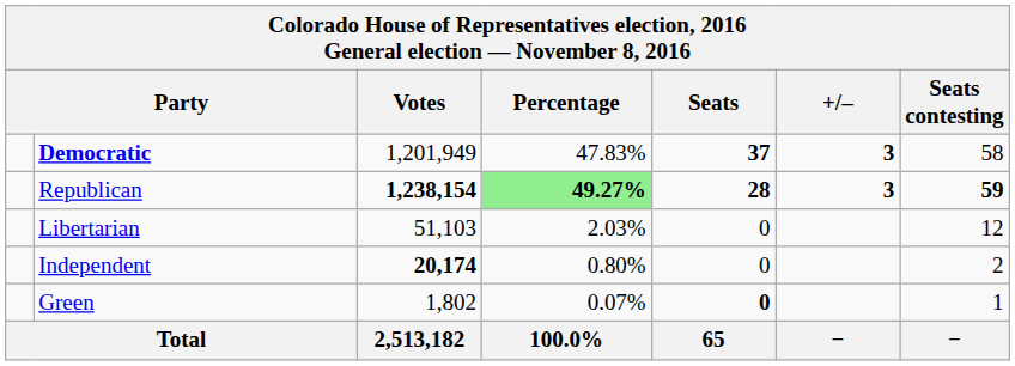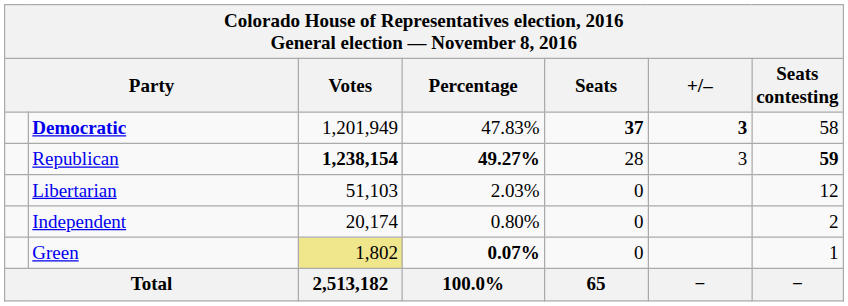 <table class="wikitable" style="font-size:95%;">
 <tr>
 <th colspan="7">Colorado House of Representatives election, 2016<br>General election — November 8, 2016</th>
 </tr>
 <tr>
 <th colspan=2 style="width: 15em">Party</th>
 <th style="width: 5em">Votes</th>
 <th style="width: 7em">Percentage</th>
 <th style="width: 5em">Seats</th>
 <th style="width: 5em">+/–</th>
 <th>Seats<br>contesting</th>
 </tr>
 <tr>
 <td style="background:"></td>
 <td><strong><a href='#'>Democratic</a></strong></td>
 <td align="right">1,201,949</td>
 <td align="right">47.83%</td>
 <td align="right"><strong>37</strong></td>
 <td align="right"><strong>3</strong></td>
 <td align="right">58</td>
 </tr>
 <tr>
 <td style="background:"></td>
 <td><a href='#'>Republican</a></td>
 <td align="right"><strong>1,238,154</strong></td>
-<td align="right" style="background: lightgreen;"><strong>49.27%</strong></td>
-<td align="right"><strong>28</strong></td>
-<td align="right"><strong>3</strong></td>
+<td align="right"><strong>49.27%</strong></td>
+<td align="right">28</td>
+<td align="right">3</td>
 <td align="right"><strong>59</strong></td>
 </tr>
 <tr>
 <td style="background:"></td>
 <td><a href='#'>Libertarian</a></td>
 <td align="right">51,103</td>
 <td align="right">2.03%</td>
 <td align="right">0</td>
 <td align="right"></td>
 <td align="right">12</td>
 </tr>
 <tr>
 <td style="background:"></td>
 <td><a href='#'>Independent</a></td>
-<td align="right"><strong>20,174</strong></td>
+<td align="right">20,174</td>
 <td align="right">0.80%</td>
 <td align="right">0</td>
 <td align="right"></td>
 <td align="right">2</td>
 </tr>
 <tr>
 <td style="background:"></td>
 <td><a href='#'>Green</a></td>
-<td align="right">1,802</td>
-<td align="right">0.07%</td>
-<td align="right"><strong>0</strong></td>
+<td align="right" style="background: khaki;">1,802</td>
+<td align="right"><strong>0.07%</strong></td>
+<td align="right">0</td>
 <td align="right"></td>
 <td align="right">1</td>
 </tr>
 <tr>
 <th colspan="2" align="right">Total</th>
 <th align="right">2,513,182</th>
 <th align="right">100.0%</th>
 <th align="right">65</th>
 <th align="right">−</th>
 <th align="right">−</th>
 </tr>
 </table>
